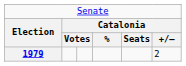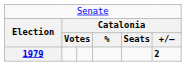 <table class="wikitable" style="font-size:95%; text-align:left;">
 <tr>
 <td colspan="7" align="center"><a href='#'>Senate</a></td>
 </tr>
 <tr>
 <th rowspan="2" width="75">Election</th>
 <th colspan="5">Catalonia</th>
 </tr>
 <tr>
 <th colspan="2">Votes</th>
 <th width="35">%</th>
 <th>Seats</th>
 <th width="35">+/–</th>
 </tr>
 <tr>
 <th><a href='#'>1979</a></th>
 <td></td>
 <td></td>
 <td></td>
 <td></td>
-<td>2</td>
+<td><strong>2</strong></td>
 </tr>
 </table>
